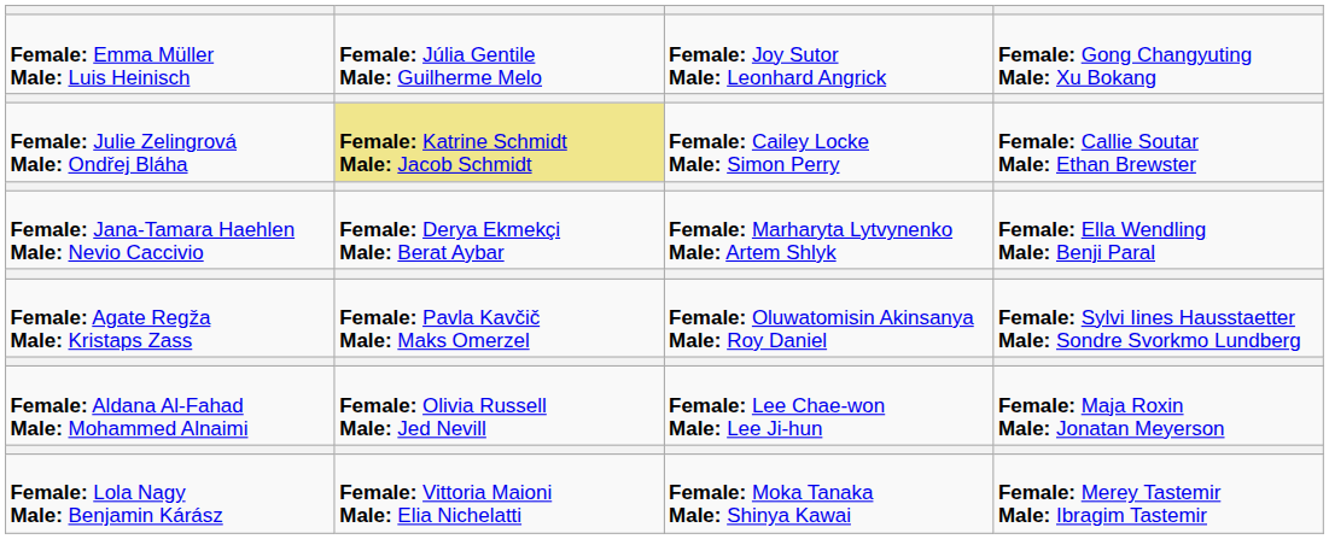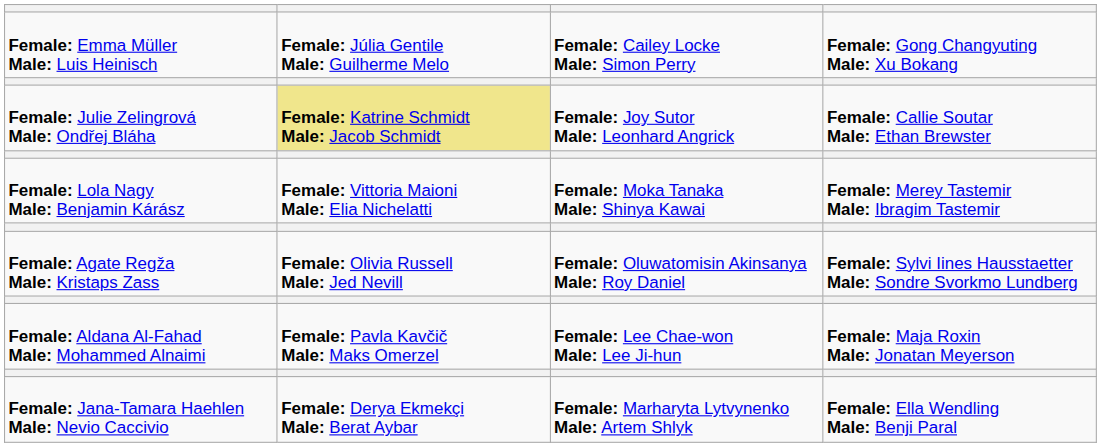 <table class=wikitable>
 <tr>
 <th width=250></th>
 <th width=250></th>
 <th width=250></th>
 <th width=250></th>
 </tr>
 <tr>
 <td><br><strong>Female:</strong> <a href='#'>Emma Müller</a><br> <strong>Male:</strong> <a href='#'>Luis Heinisch</a></td>
 <td><br><strong>Female:</strong> <a href='#'>Júlia Gentile</a><br> <strong>Male:</strong> <a href='#'>Guilherme Melo</a></td>
-<td><br><strong>Female:</strong> <a href='#'>Joy Sutor</a><br> <strong>Male:</strong> <a href='#'>Leonhard Angrick</a></td>
+<td><br><strong>Female:</strong> <a href='#'>Cailey Locke</a><br> <strong>Male:</strong> <a href='#'>Simon Perry</a></td>
 <td><br><strong>Female:</strong> <a href='#'>Gong Changyuting</a><br> <strong>Male:</strong> <a href='#'>Xu Bokang</a></td>
 </tr>
 <tr>
 <th width=250></th>
 <th width=250></th>
 <th width=250></th>
 <th width=250></th>
 </tr>
 <tr>
 <td><br><strong>Female:</strong> <a href='#'>Julie Zelingrová</a><br> <strong>Male:</strong> <a href='#'>Ondřej Bláha</a></td>
 <td style="background: khaki;"><br><strong>Female:</strong> <a href='#'>Katrine Schmidt</a><br> <strong>Male:</strong> <a href='#'>Jacob Schmidt</a></td>
-<td><br><strong>Female:</strong> <a href='#'>Cailey Locke</a><br> <strong>Male:</strong> <a href='#'>Simon Perry</a></td>
+<td><br><strong>Female:</strong> <a href='#'>Joy Sutor</a><br> <strong>Male:</strong> <a href='#'>Leonhard Angrick</a></td>
 <td><br><strong>Female:</strong> <a href='#'>Callie Soutar</a><br> <strong>Male:</strong> <a href='#'>Ethan Brewster</a></td>
+</tr>
+<tr>
+<th width=250></th>
+<th width=250></th>
+<th width=250></th>
+<th width=250></th>
+</tr>
+<tr>
+<td><br><strong>Female:</strong> <a href='#'>Lola Nagy</a><br> <strong>Male:</strong> <a href='#'>Benjamin Kárász</a></td>
+<td><br><strong>Female:</strong> <a href='#'>Vittoria Maioni</a><br> <strong>Male:</strong> <a href='#'>Elia Nichelatti</a></td>
+<td><br><strong>Female:</strong> <a href='#'>Moka Tanaka</a><br> <strong>Male:</strong> <a href='#'>Shinya Kawai</a></td>
+<td><br><strong>Female:</strong> <a href='#'>Merey Tastemir</a><br> <strong>Male:</strong> <a href='#'>Ibragim Tastemir</a></td>
+</tr>
+<tr>
+<th width=250></th>
+<th width=250></th>
+<th width=250></th>
+<th width=250></th>
+</tr>
+<tr>
+<td><br><strong>Female:</strong> <a href='#'>Agate Regža</a><br> <strong>Male:</strong> <a href='#'>Kristaps Zass</a></td>
+<td><br><strong>Female:</strong> <a href='#'>Olivia Russell</a><br> <strong>Male:</strong> <a href='#'>Jed Nevill</a></td>
+<td><br><strong>Female:</strong> <a href='#'>Oluwatomisin Akinsanya</a><br> <strong>Male:</strong> <a href='#'>Roy Daniel</a></td>
+<td><br><strong>Female:</strong> <a href='#'>Sylvi Iines Hausstaetter</a><br> <strong>Male:</strong> <a href='#'>Sondre Svorkmo Lundberg</a></td>
+</tr>
+<tr>
+<th width=250></th>
+<th width=250></th>
+<th width=250></th>
+<th width=250></th>
+</tr>
+<tr>
+<td><br><strong>Female:</strong> <a href='#'>Aldana Al-Fahad</a><br> <strong>Male:</strong> <a href='#'>Mohammed Alnaimi</a></td>
+<td><br><strong>Female:</strong> <a href='#'>Pavla Kavčič</a><br> <strong>Male:</strong> <a href='#'>Maks Omerzel</a></td>
+<td><br><strong>Female:</strong> <a href='#'>Lee Chae-won</a><br> <strong>Male:</strong> <a href='#'>Lee Ji-hun</a></td>
+<td><br><strong>Female:</strong> <a href='#'>Maja Roxin</a><br> <strong>Male:</strong> <a href='#'>Jonatan Meyerson</a></td>
 </tr>
 <tr>
 <th width=250></th>
 <th width=250></th>
 <th width=250></th>
 <th width=250></th>
 </tr>
 <tr>
 <td><br><strong>Female:</strong> <a href='#'>Jana-Tamara Haehlen</a><br> <strong>Male:</strong> <a href='#'>Nevio Caccivio</a></td>
 <td><br><strong>Female:</strong> <a href='#'>Derya Ekmekçi</a><br> <strong>Male:</strong> <a href='#'>Berat Aybar</a></td>
 <td><br><strong>Female:</strong> <a href='#'>Marharyta Lytvynenko</a><br> <strong>Male:</strong> <a href='#'>Artem Shlyk</a></td>
 <td><br><strong>Female:</strong> <a href='#'>Ella Wendling</a><br> <strong>Male:</strong> <a href='#'>Benji Paral</a></td>
 </tr>
-<tr>
-<th width=250></th>
-<th width=250></th>
-<th width=250></th>
-<th width=250></th>
-</tr>
-<tr>
-<td><br><strong>Female:</strong> <a href='#'>Agate Regža</a><br> <strong>Male:</strong> <a href='#'>Kristaps Zass</a></td>
-<td><br><strong>Female:</strong> <a href='#'>Pavla Kavčič</a><br> <strong>Male:</strong> <a href='#'>Maks Omerzel</a></td>
-<td><br><strong>Female:</strong> <a href='#'>Oluwatomisin Akinsanya</a><br> <strong>Male:</strong> <a href='#'>Roy Daniel</a></td>
-<td><br><strong>Female:</strong> <a href='#'>Sylvi Iines Hausstaetter</a><br> <strong>Male:</strong> <a href='#'>Sondre Svorkmo Lundberg</a></td>
-</tr>
-<tr>
-<th width=250></th>
-<th width=250></th>
-<th width=250></th>
-<th width=250></th>
-</tr>
-<tr>
-<td><br><strong>Female:</strong> <a href='#'>Aldana Al-Fahad</a><br> <strong>Male:</strong> <a href='#'>Mohammed Alnaimi</a></td>
-<td><br><strong>Female:</strong> <a href='#'>Olivia Russell</a><br> <strong>Male:</strong> <a href='#'>Jed Nevill</a></td>
-<td><br><strong>Female:</strong> <a href='#'>Lee Chae-won</a><br> <strong>Male:</strong> <a href='#'>Lee Ji-hun</a></td>
-<td><br><strong>Female:</strong> <a href='#'>Maja Roxin</a><br> <strong>Male:</strong> <a href='#'>Jonatan Meyerson</a></td>
-</tr>
-<tr>
-<th width=250></th>
-<th width=250></th>
-<th width=250></th>
-<th width=250></th>
-</tr>
-<tr>
-<td><br><strong>Female:</strong> <a href='#'>Lola Nagy</a><br> <strong>Male:</strong> <a href='#'>Benjamin Kárász</a></td>
-<td><br><strong>Female:</strong> <a href='#'>Vittoria Maioni</a><br> <strong>Male:</strong> <a href='#'>Elia Nichelatti</a></td>
-<td><br><strong>Female:</strong> <a href='#'>Moka Tanaka</a><br> <strong>Male:</strong> <a href='#'>Shinya Kawai</a></td>
-<td><br><strong>Female:</strong> <a href='#'>Merey Tastemir</a><br> <strong>Male:</strong> <a href='#'>Ibragim Tastemir</a></td>
-</tr>
 </table>
